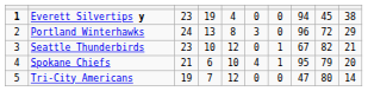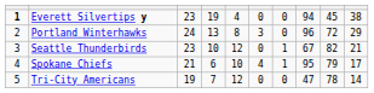 <table class="wikitable sortable">
 <tr>
 <th style="width:2em"></th>
 <th style="width:15em;" class="unsortable"></th>
 <th style="width:2em;"></th>
 <th style="width:2em;"></th>
 <th style="width:2em;"></th>
 <th style="width:2em;"></th>
 <th style="width:2em;"></th>
 <th style="width:2em;"></th>
 <th style="width:2em;"></th>
 <th style="width:2em;"></th>
 </tr>
 <tr style="font-weight: ; text-align: center;">
 <td><strong>1</strong></td>
 <td style="text-align:left;"><a href='#'>Everett Silvertips</a> <strong>y</strong></td>
 <td>23</td>
 <td>19</td>
 <td>4</td>
 <td>0</td>
 <td>0</td>
 <td>94</td>
 <td>45</td>
 <td>38</td>
 </tr>
 <tr style="font-weight: ; text-align: center;">
 <td>2</td>
 <td style="text-align:left;"><a href='#'>Portland Winterhawks</a></td>
 <td>24</td>
 <td>13</td>
 <td>8</td>
 <td>3</td>
 <td>0</td>
 <td>96</td>
 <td>72</td>
 <td>29</td>
 </tr>
 <tr style="font-weight: ; text-align: center;">
 <td>3</td>
 <td style="text-align:left;"><a href='#'>Seattle Thunderbirds</a></td>
 <td>23</td>
 <td>10</td>
 <td>12</td>
 <td>0</td>
 <td>1</td>
 <td>67</td>
 <td>82</td>
 <td>21</td>
 </tr>
 <tr style="font-weight: ; text-align: center;">
 <td>4</td>
 <td style="text-align:left;"><a href='#'>Spokane Chiefs</a></td>
 <td>21</td>
 <td>6</td>
 <td>10</td>
 <td>4</td>
 <td>1</td>
 <td>95</td>
 <td>79</td>
-<td>20</td>
+<td>17</td>
 </tr>
 <tr style="font-weight: ; text-align: center;">
 <td>5</td>
 <td style="text-align:left;"><a href='#'>Tri-City Americans</a></td>
 <td>19</td>
 <td>7</td>
 <td>12</td>
 <td>0</td>
 <td>0</td>
 <td>47</td>
-<td>80</td>
+<td>78</td>
 <td>14</td>
 </tr>
 </table>
